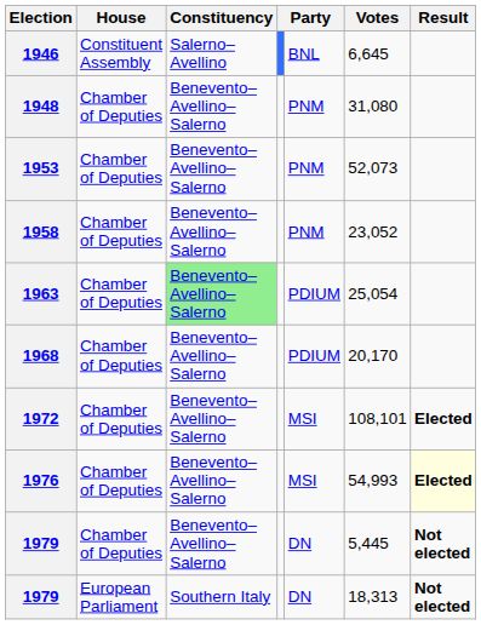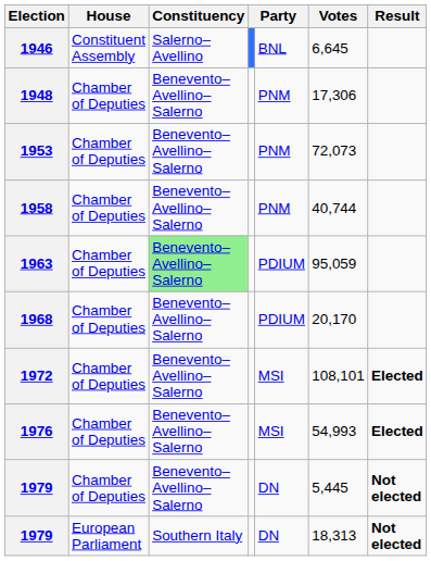 <table class=wikitable style="width:65%; border:1px #AAAAFF solid">
 <tr>
 <th width=12%>Election</th>
 <th width=23%>House</th>
 <th width=34%>Constituency</th>
 <th width=5% colspan="2">Party</th>
 <th width=12%>Votes</th>
 <th width=20%>Result</th>
 </tr>
 <tr>
 <th><a href='#'>1946</a></th>
 <td><a href='#'>Constituent Assembly</a></td>
 <td><a href='#'>Salerno–Avellino</a></td>
 <td bgcolor="#306EFF"></td>
 <td><a href='#'>BNL</a></td>
 <td>6,645</td>
 <td></td>
 </tr>
 <tr>
 <th><a href='#'>1948</a></th>
 <td><a href='#'>Chamber of Deputies</a></td>
 <td><a href='#'>Benevento–Avellino–Salerno</a></td>
 <td></td>
 <td><a href='#'>PNM</a></td>
-<td>31,080</td>
+<td>17,306</td>
 <td></td>
 </tr>
 <tr>
 <th><a href='#'>1953</a></th>
 <td><a href='#'>Chamber of Deputies</a></td>
 <td><a href='#'>Benevento–Avellino–Salerno</a></td>
 <td></td>
 <td><a href='#'>PNM</a></td>
-<td>52,073</td>
+<td>72,073</td>
 <td></td>
 </tr>
 <tr>
 <th><a href='#'>1958</a></th>
 <td><a href='#'>Chamber of Deputies</a></td>
 <td><a href='#'>Benevento–Avellino–Salerno</a></td>
 <td></td>
 <td><a href='#'>PNM</a></td>
-<td>23,052</td>
+<td>40,744</td>
 <td></td>
 </tr>
 <tr>
 <th><a href='#'>1963</a></th>
 <td><a href='#'>Chamber of Deputies</a></td>
 <td style="background: lightgreen;"><a href='#'>Benevento–Avellino–Salerno</a></td>
 <td></td>
 <td><a href='#'>PDIUM</a></td>
-<td>25,054</td>
+<td>95,059</td>
 <td></td>
 </tr>
 <tr>
 <th><a href='#'>1968</a></th>
 <td><a href='#'>Chamber of Deputies</a></td>
 <td><a href='#'>Benevento–Avellino–Salerno</a></td>
 <td></td>
 <td><a href='#'>PDIUM</a></td>
 <td>20,170</td>
 <td></td>
 </tr>
 <tr>
 <th><a href='#'>1972</a></th>
 <td><a href='#'>Chamber of Deputies</a></td>
 <td><a href='#'>Benevento–Avellino–Salerno</a></td>
 <td></td>
 <td><a href='#'>MSI</a></td>
 <td>108,101</td>
 <td> <strong>Elected</strong></td>
 </tr>
 <tr>
 <th><a href='#'>1976</a></th>
 <td><a href='#'>Chamber of Deputies</a></td>
 <td><a href='#'>Benevento–Avellino–Salerno</a></td>
 <td></td>
 <td><a href='#'>MSI</a></td>
 <td>54,993</td>
-<td style="background: lightyellow;"> <strong>Elected</strong></td>
+<td> <strong>Elected</strong></td>
 </tr>
 <tr>
 <th><a href='#'>1979</a></th>
 <td><a href='#'>Chamber of Deputies</a></td>
 <td><a href='#'>Benevento–Avellino–Salerno</a></td>
 <td></td>
 <td><a href='#'>DN</a></td>
 <td>5,445</td>
 <td> <strong>Not elected</strong></td>
 </tr>
 <tr>
 <th><a href='#'>1979</a></th>
 <td><a href='#'>European Parliament</a></td>
 <td><a href='#'>Southern Italy</a></td>
 <td></td>
 <td><a href='#'>DN</a></td>
 <td>18,313</td>
 <td> <strong>Not elected</strong></td>
 </tr>
 </table>
